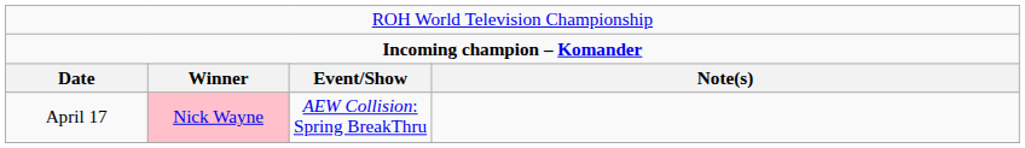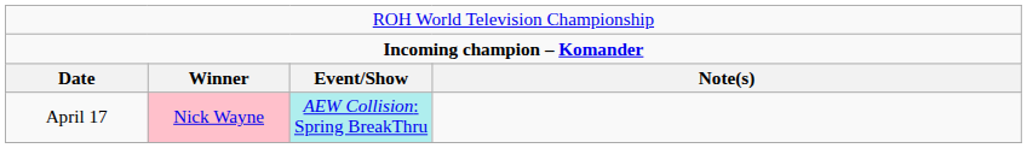 <table class="wikitable" style="text-align:center; width:100%;">
 <tr>
 <td colspan="4" style="text-align: center;"><a href='#'>ROH World Television Championship</a></td>
 </tr>
 <tr>
 <td colspan="4" style="text-align: center;"><strong>Incoming champion – <a href='#'>Komander</a></strong></td>
 </tr>
 <tr>
 <th width="14%">Date</th>
 <th width="14%">Winner</th>
 <th width="14%">Event/Show</th>
 <th width="58%">Note(s)</th>
 </tr>
 <tr>
 <td>April 17</td>
 <td style="background: pink;"><a href='#'>Nick Wayne</a></td>
-<td><a href='#'><em>AEW Collision</em>: Spring BreakThru</a></td>
+<td style="background: paleturquoise;"><a href='#'><em>AEW Collision</em>: Spring BreakThru</a></td>
 <td></td>
 </tr>
 <tr>
 </tr>
 </table>
